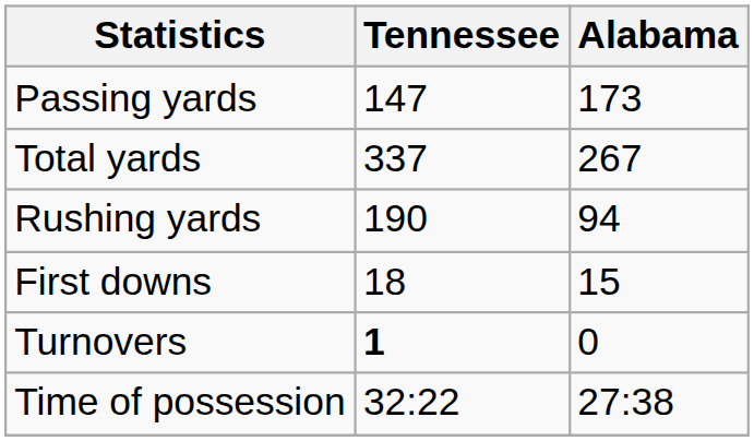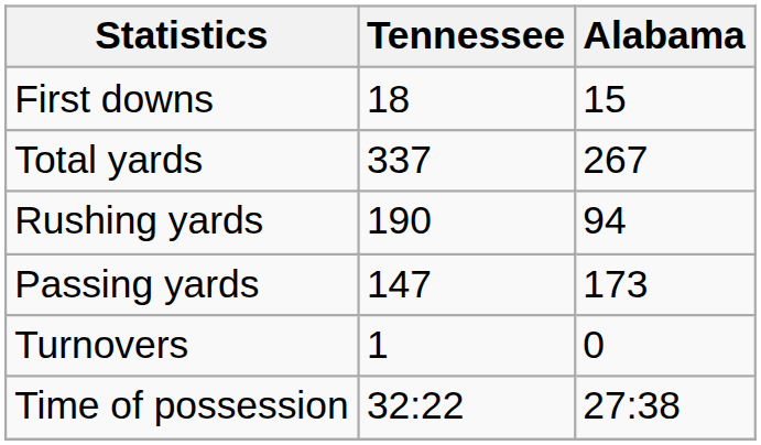 <table class="wikitable" style="float: left;">
 <tr>
 <th>Statistics</th>
 <th>Tennessee</th>
 <th>Alabama</th>
 </tr>
 <tr>
-<td>Passing yards</td>
-<td>147</td>
-<td>173</td>
+<td>First downs</td>
+<td>18</td>
+<td>15</td>
 </tr>
 <tr>
 <td>Total yards</td>
 <td>337</td>
 <td>267</td>
 </tr>
 <tr>
 <td>Rushing yards</td>
 <td>190</td>
 <td>94</td>
 </tr>
 <tr>
-<td>First downs</td>
-<td>18</td>
-<td>15</td>
+<td>Passing yards</td>
+<td>147</td>
+<td>173</td>
 </tr>
 <tr>
 <td>Turnovers</td>
-<td><strong>1</strong></td>
+<td>1</td>
 <td>0</td>
 </tr>
 <tr>
 <td>Time of possession</td>
 <td>32:22</td>
 <td>27:38</td>
 </tr>
 <tr>
 </tr>
 </table>
